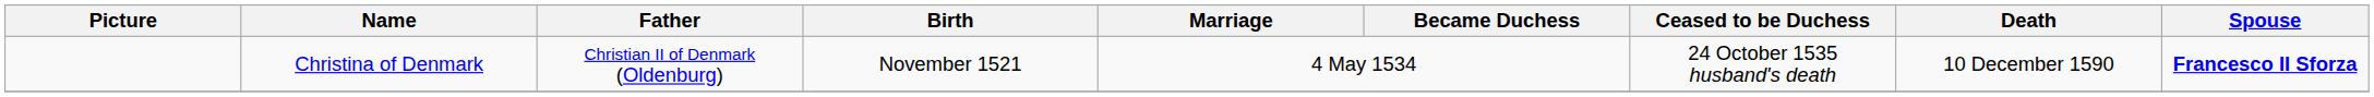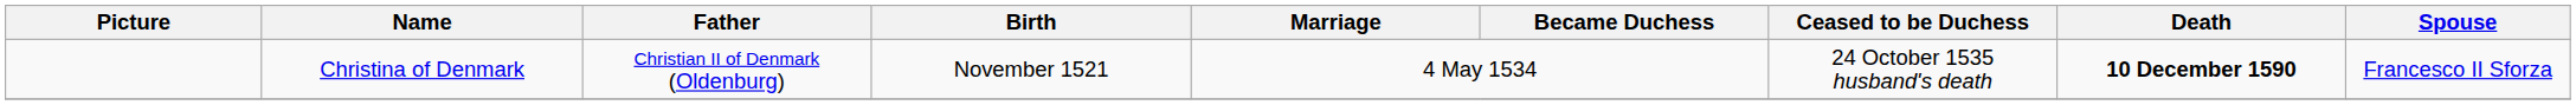 <table width=95% class="wikitable">
 <tr>
 <th width = "8%">Picture</th>
 <th width = "10%">Name</th>
 <th width = "9%">Father</th>
 <th width = "10%">Birth</th>
 <th width = "9%">Marriage</th>
 <th width = "9%">Became Duchess</th>
 <th width = "9%">Ceased to be Duchess</th>
 <th width = "9%">Death</th>
 <th width = "7%"><a href='#'>Spouse</a></th>
 </tr>
 <tr>
 <td align="center"></td>
 <td align="center"><a href='#'>Christina of Denmark</a></td>
 <td align="center"><small><a href='#'>Christian II of Denmark</a></small><br> (<a href='#'>Oldenburg</a>)</td>
 <td align="center">November 1521</td>
 <td align="center" colspan="2">4 May 1534</td>
 <td align="center">24 October 1535<br><em>husband's death</em></td>
-<td align="center">10 December 1590</td>
-<td align="center"><strong><a href='#'>Francesco II Sforza</a></strong></td>
+<td align="center"><strong>10 December 1590</strong></td>
+<td align="center"><a href='#'>Francesco II Sforza</a></td>
 </tr>
 <tr>
 </tr>
 </table>
